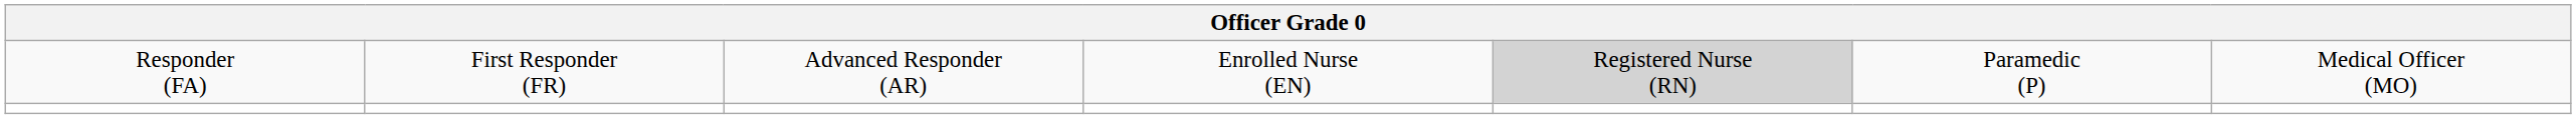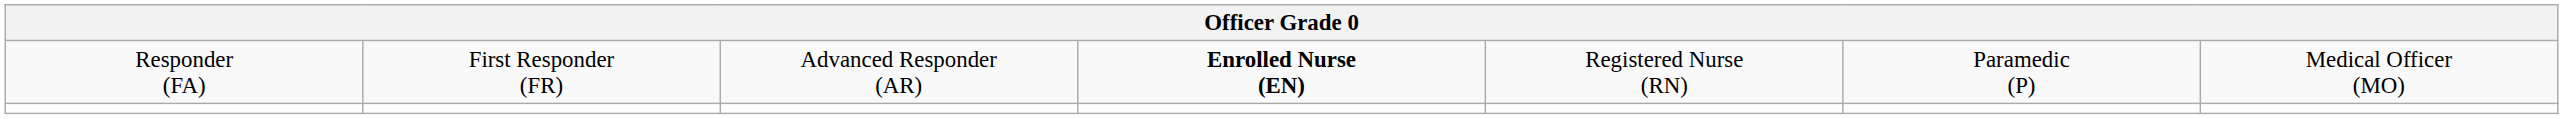 <table class="wikitable"  style="margin:auto; width:90%;">
 <tr>
 <th colspan=7>Officer Grade 0</th>
 </tr>
 <tr align=center>
 <td width="14%">Responder<br>(FA)</td>
 <td width="14%">First Responder<br>(FR)</td>
 <td width="14%">Advanced Responder<br>(AR)</td>
-<td width="16%">Enrolled Nurse<br>(EN)</td>
-<td width="14%" style="background: lightgrey;">Registered Nurse<br>(RN)</td>
+<td width="16%"><strong>Enrolled Nurse<br>(EN)</strong></td>
+<td width="14%">Registered Nurse<br>(RN)</td>
 <td width="14%">Paramedic<br>(P)</td>
 <td width="14%">Medical Officer<br>(MO)</td>
 </tr>
 <tr style="text-align:center; background: white;">
 <td></td>
 <td></td>
 <td></td>
 <td></td>
 <td></td>
 <td></td>
 <td></td>
 </tr>
 </table>
